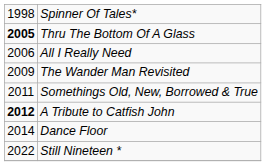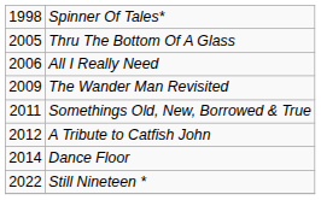 <table class="wikitable" style="text-align:center">
 <tr>
 <td>1998</td>
 <td style="text-align:left;"><em>Spinner Of Tales*</em></td>
 </tr>
 <tr>
-<td><strong>2005</strong></td>
+<td>2005</td>
 <td style="text-align:left;"><em>Thru The Bottom Of A Glass</em></td>
 </tr>
 <tr>
 <td>2006</td>
 <td style="text-align:left;"><em>All I Really Need</em></td>
 </tr>
 <tr>
 <td>2009</td>
 <td style="text-align:left;"><em>The Wander Man Revisited</em></td>
 </tr>
 <tr>
 <td>2011</td>
 <td style="text-align:left;"><em>Somethings Old, New, Borrowed & True</em></td>
 </tr>
 <tr>
-<td><strong>2012</strong></td>
+<td>2012</td>
 <td style="text-align:left;"><em>A Tribute to Catfish John</em></td>
 </tr>
 <tr>
 <td>2014</td>
 <td style="text-align:left;"><em>Dance Floor</em></td>
 </tr>
 <tr>
 <td>2022</td>
 <td style="text-align:left;"><em>Still Nineteen *</em></td>
 </tr>
 <tr>
 </tr>
 </table>
